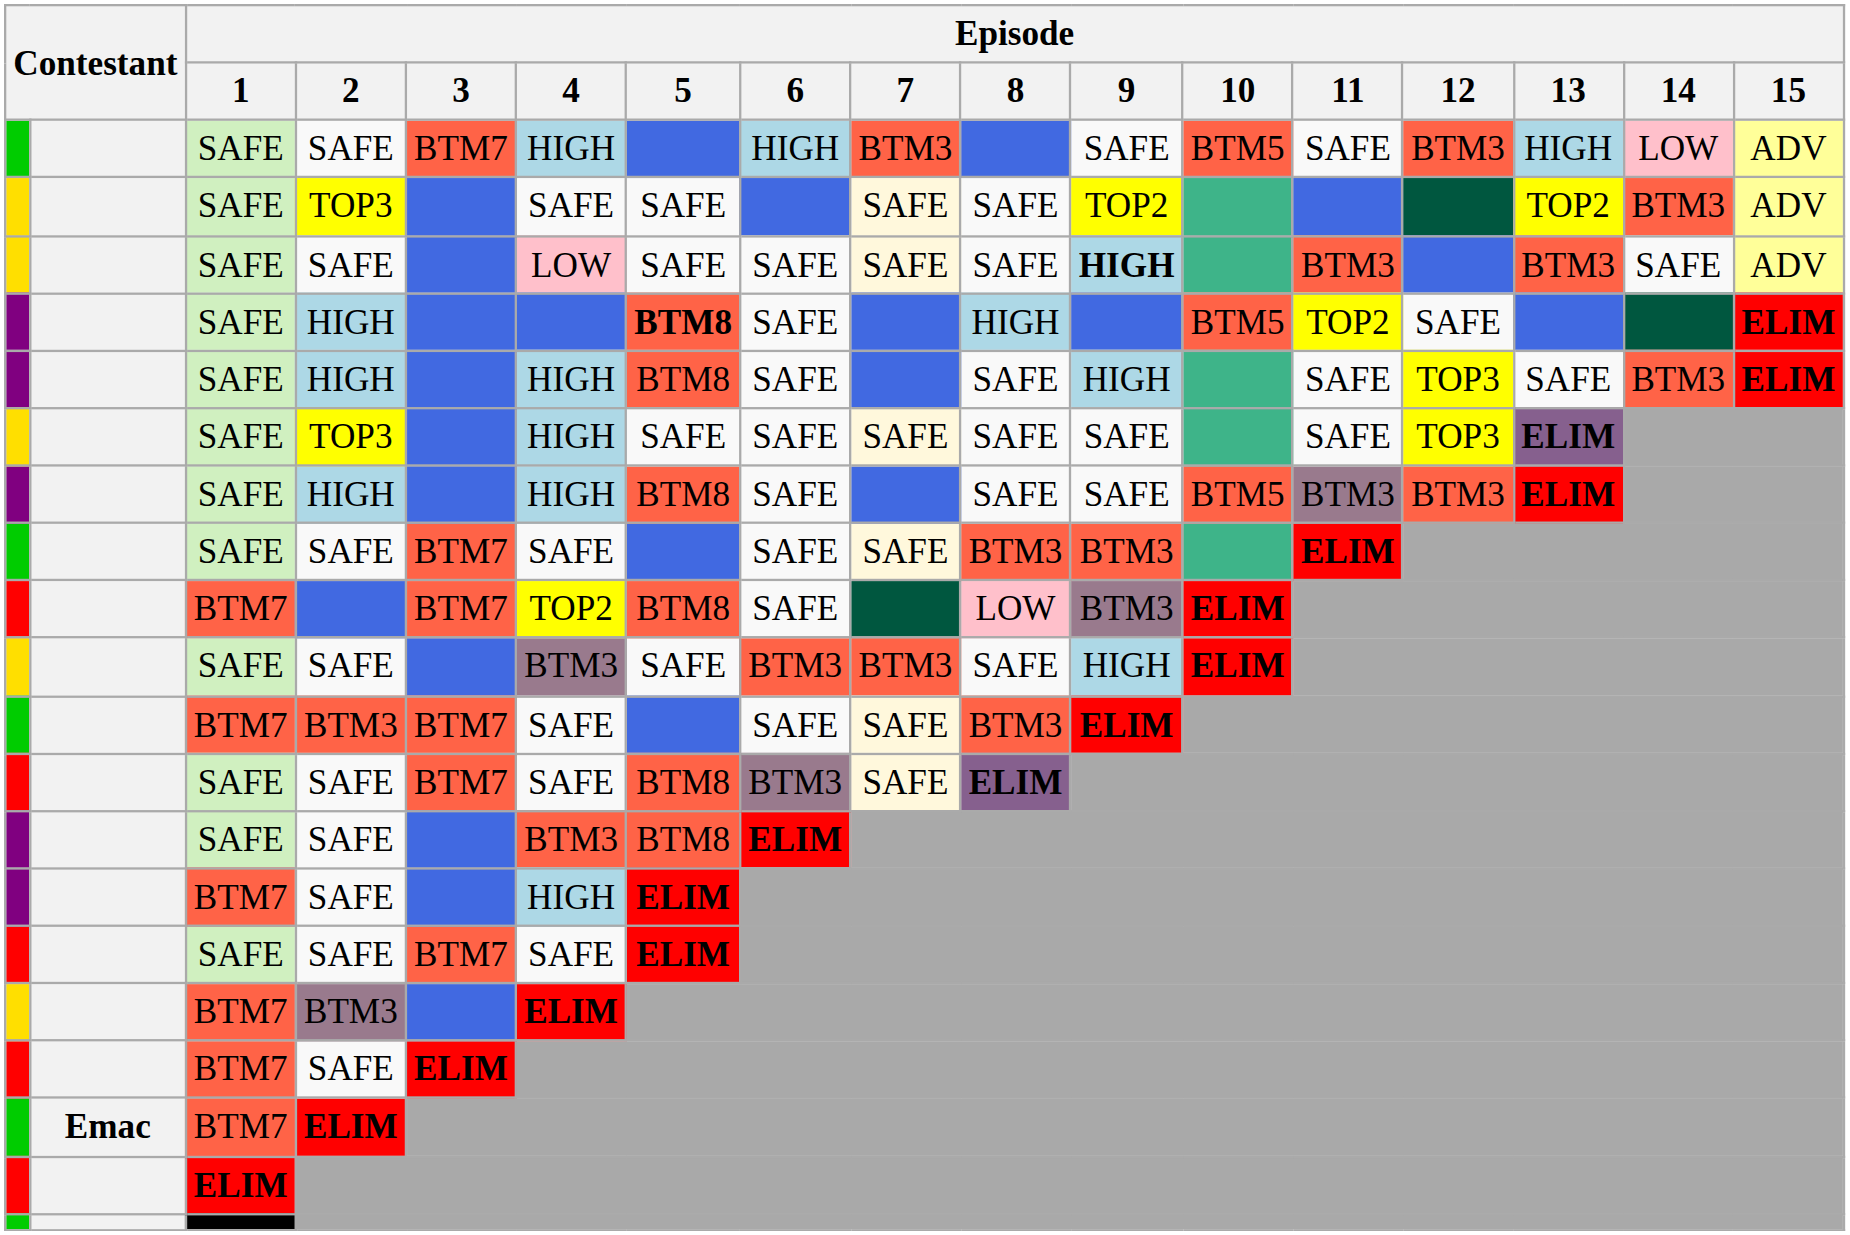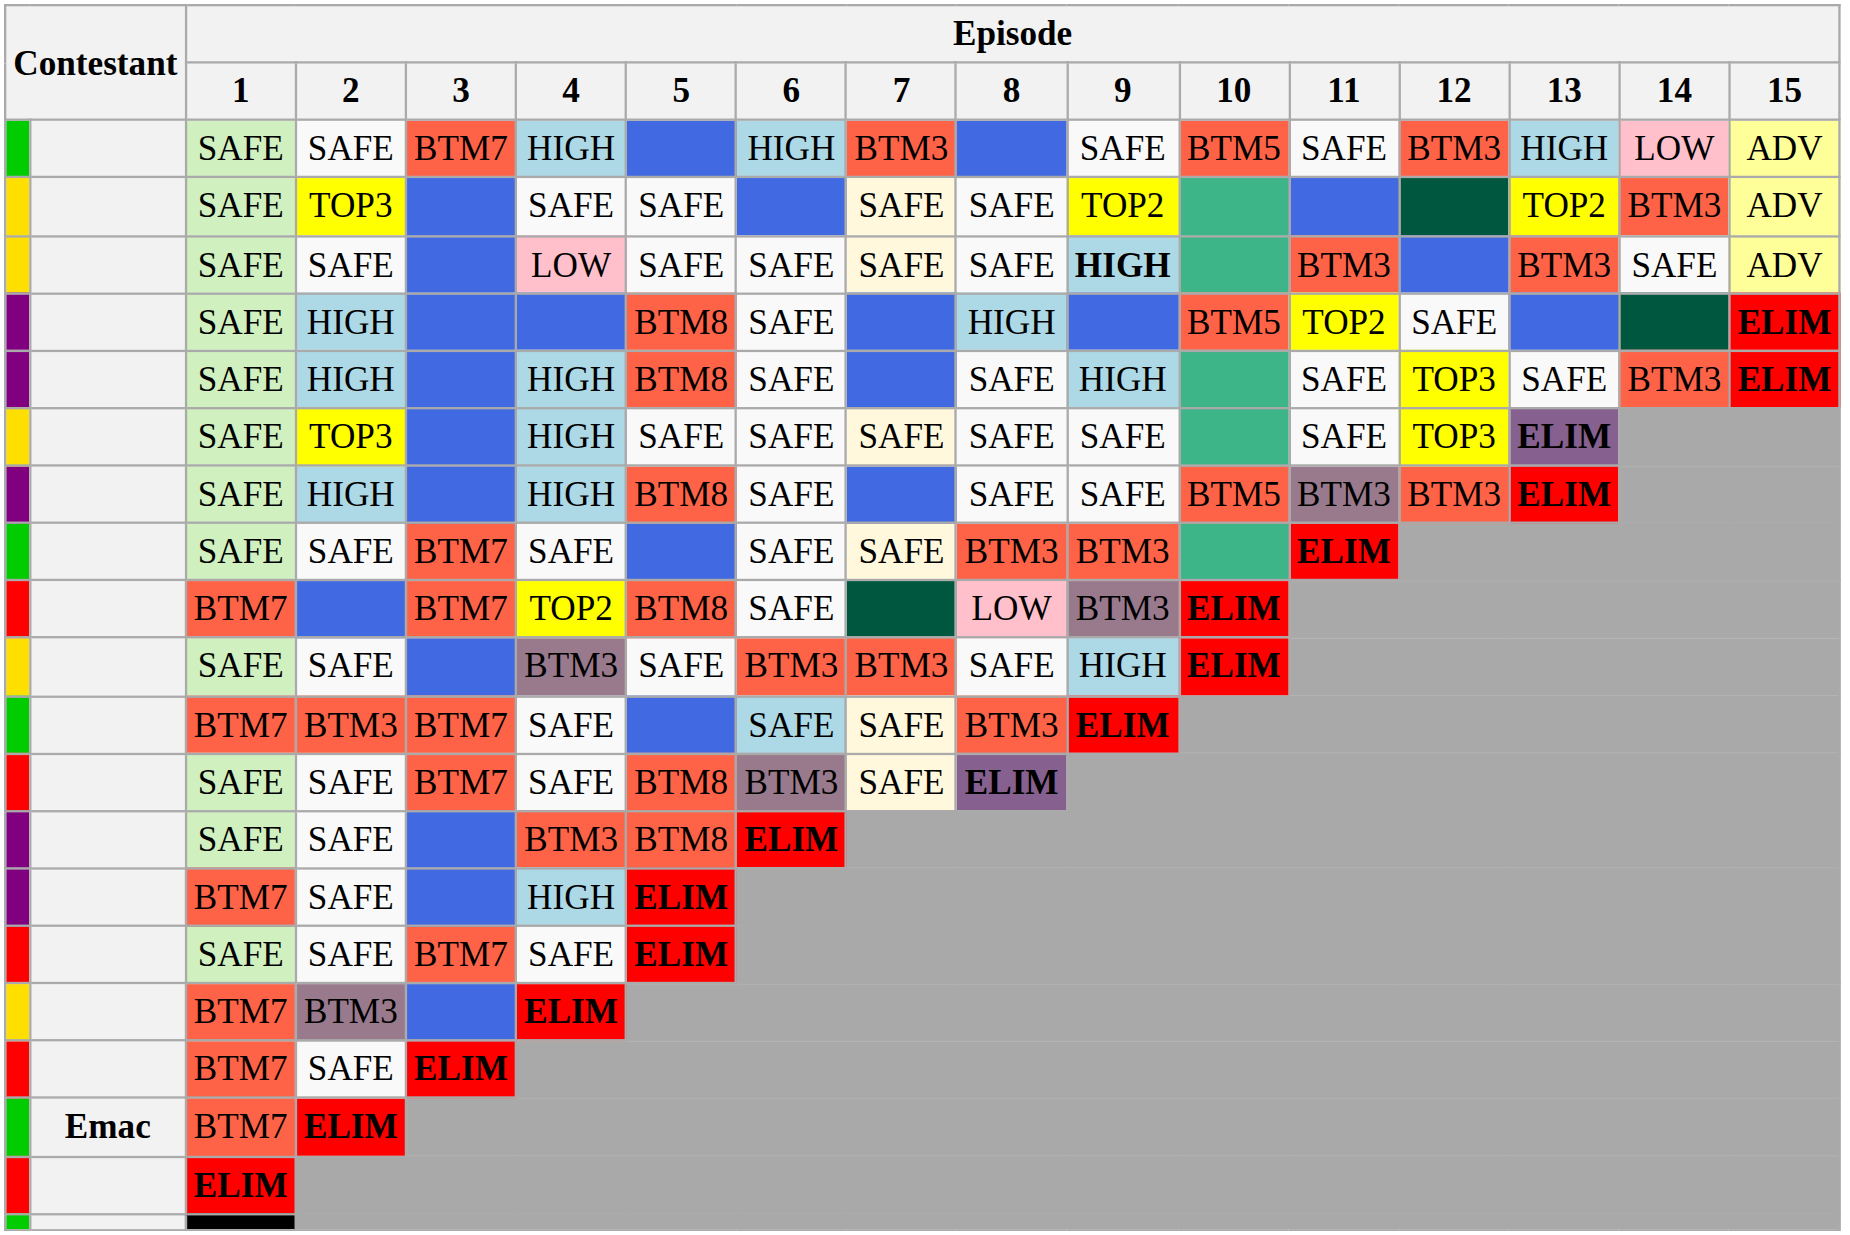 <table class="wikitable" style="text-align:center;font-size:96%">
 <tr>
 <th rowspan=2 colspan=2>Contestant</th>
 <th colspan=15>Episode</th>
 </tr>
 <tr>
 <th>1</th>
 <th>2</th>
 <th>3</th>
 <th>4</th>
 <th>5</th>
 <th>6</th>
 <th>7</th>
 <th>8</th>
 <th>9</th>
 <th>10</th>
 <th>11</th>
 <th>12</th>
 <th>13</th>
 <th>14</th>
 <th>15</th>
 </tr>
 <tr>
 <td style="background:#00CC00"></td>
 <th></th>
 <td style="background:#D0F0C0;">SAFE</td>
 <td>SAFE</td>
 <td style="background:tomato;">BTM7</td>
 <td style="background:lightblue;">HIGH</td>
 <td style="background:royalblue;"><strong></strong></td>
 <td style="background:lightblue;">HIGH</td>
 <td style="background:tomato;">BTM3</td>
 <td style="background:royalblue;"><strong></strong></td>
 <td>SAFE</td>
 <td style="background:tomato;">BTM5</td>
 <td>SAFE</td>
 <td style="background:tomato;">BTM3</td>
 <td style="background:lightblue;">HIGH</td>
 <td style="background:pink;">LOW</td>
 <td style="background:#FFFF99;">ADV</td>
 </tr>
 <tr>
 <td style="background:#FFDF00"></td>
 <th></th>
 <td style="background:#D0F0C0;">SAFE</td>
 <td style="background:yellow ;">TOP3</td>
 <td style="background:royalblue;"><strong></strong></td>
 <td>SAFE</td>
 <td>SAFE</td>
 <td style="background:royalblue;"><strong></strong></td>
 <td style="background:cornsilk;">SAFE</td>
 <td>SAFE</td>
 <td style="background:yellow ;">TOP2</td>
 <td style="background:#3EB489;"></td>
 <td style="background:royalblue;"><strong></strong></td>
 <td style="background:#00573F;"><strong></strong></td>
 <td style="background:yellow ;">TOP2</td>
 <td style="background:tomato;">BTM3</td>
 <td style="background:#FFFF99;">ADV</td>
 </tr>
 <tr>
 <td style="background:#FFDF00"></td>
 <th></th>
 <td style="background:#D0F0C0;">SAFE</td>
 <td>SAFE</td>
 <td style="background:royalblue;"><strong></strong></td>
 <td style="background:pink;">LOW</td>
 <td>SAFE</td>
 <td>SAFE</td>
 <td style="background:cornsilk;">SAFE</td>
 <td>SAFE</td>
 <td style="background:lightblue;"><strong>HIGH</strong></td>
 <td style="background:#3EB489;"></td>
 <td style="background:tomato;">BTM3</td>
 <td style="background:royalblue;"><strong></strong></td>
 <td style="background:tomato;">BTM3</td>
 <td>SAFE</td>
 <td style="background:#FFFF99;">ADV</td>
 </tr>
 <tr>
 <td style="background:#800080"></td>
 <th></th>
 <td style="background:#D0F0C0;">SAFE</td>
 <td style="background:lightblue;">HIGH</td>
 <td style="background:royalblue;"><strong></strong></td>
 <td style="background:royalblue;"><strong></strong></td>
-<td style="background:tomato;"><strong>BTM8</strong></td>
+<td style="background:tomato;">BTM8</td>
 <td>SAFE</td>
 <td style="background:royalblue;"><strong></strong></td>
 <td style="background:lightblue;">HIGH</td>
 <td style="background:royalblue;"><strong></strong></td>
 <td style="background:tomato;">BTM5</td>
 <td style="background:yellow ;">TOP2</td>
 <td>SAFE</td>
 <td style="background:royalblue;"><strong></strong></td>
 <td style="background:#00573F;"><strong></strong></td>
 <td style="background:red;"><strong>ELIM</strong></td>
 </tr>
 <tr>
 <td style="background:#800080"></td>
 <th></th>
 <td style="background:#D0F0C0;">SAFE</td>
 <td style="background:lightblue;">HIGH</td>
 <td style="background:royalblue;"><strong></strong></td>
 <td style="background:lightblue;">HIGH</td>
 <td style="background:tomato;">BTM8</td>
 <td>SAFE</td>
 <td style="background:royalblue;"><strong></strong></td>
 <td>SAFE</td>
 <td style="background:lightblue;">HIGH</td>
 <td style="background:#3EB489;"></td>
 <td>SAFE</td>
 <td style="background:yellow ;">TOP3</td>
 <td>SAFE</td>
 <td style="background:tomato;">BTM3</td>
 <td style="background:red;"><strong>ELIM</strong></td>
 </tr>
 <tr>
 <td style="background:#FFDF00"></td>
 <th></th>
 <td style="background:#D0F0C0;">SAFE</td>
 <td style="background:yellow ;">TOP3</td>
 <td style="background:royalblue;"><strong></strong></td>
 <td style="background:lightblue;">HIGH</td>
 <td>SAFE</td>
 <td>SAFE</td>
 <td style="background:cornsilk;">SAFE</td>
 <td>SAFE</td>
 <td>SAFE</td>
 <td style="background:#3EB489;"></td>
 <td>SAFE</td>
 <td style="background:yellow ;">TOP3</td>
 <td style="background:#86608E;"><strong>ELIM</strong></td>
 <td bgcolor="darkgray" colspan="3"></td>
 </tr>
 <tr>
 <td style="background:#800080"></td>
 <th></th>
 <td style="background:#D0F0C0;">SAFE</td>
 <td style="background:lightblue;">HIGH</td>
 <td style="background:royalblue;"><strong></strong></td>
 <td style="background:lightblue;">HIGH</td>
 <td style="background:tomato;">BTM8</td>
 <td>SAFE</td>
 <td style="background:royalblue;"><strong></strong></td>
 <td>SAFE</td>
 <td>SAFE</td>
 <td style="background:tomato;">BTM5</td>
 <td style="background:#997A8D;">BTM3</td>
 <td style="background:tomato;">BTM3</td>
 <td style="background:red;"><strong>ELIM</strong></td>
 <td bgcolor="darkgray" colspan="3"></td>
 </tr>
 <tr>
 <td style="background:#00CC00"></td>
 <th></th>
 <td style="background:#D0F0C0;">SAFE</td>
 <td>SAFE</td>
 <td style="background:tomato;">BTM7</td>
 <td>SAFE</td>
 <td style="background:royalblue;"><strong></strong></td>
 <td>SAFE</td>
 <td style="background:cornsilk;">SAFE</td>
 <td style="background:tomato;">BTM3</td>
 <td style="background:tomato;">BTM3</td>
 <td style="background:#3EB489;"></td>
 <td style="background:red;"><strong>ELIM</strong></td>
 <td bgcolor="darkgray" colspan="4"></td>
 </tr>
 <tr>
 <td style="background:#FF0000"></td>
 <th></th>
 <td style="background:tomato;">BTM7</td>
 <td style="background:royalblue;"><strong></strong></td>
 <td style="background:tomato;">BTM7</td>
 <td style="background:yellow ;">TOP2</td>
 <td style="background:tomato;">BTM8</td>
 <td>SAFE</td>
 <td style="background:#00573F;"><strong></strong></td>
 <td style="background:pink;">LOW</td>
 <td style="background:#997A8D;">BTM3</td>
 <td style="background:red;"><strong>ELIM</strong></td>
 <td bgcolor="darkgray" colspan="5"></td>
 </tr>
 <tr>
 <td style="background:#FFDF00"></td>
 <th></th>
 <td style="background:#D0F0C0;">SAFE</td>
 <td>SAFE</td>
 <td style="background:royalblue;"><strong></strong></td>
 <td style="background:#997A8D;">BTM3</td>
 <td>SAFE</td>
 <td style="background:tomato;">BTM3</td>
 <td style="background:tomato;">BTM3</td>
 <td>SAFE</td>
 <td style="background:lightblue;">HIGH</td>
 <td style="background:red;"><strong>ELIM</strong></td>
 <td bgcolor="darkgray" colspan="5"></td>
 </tr>
 <tr>
 <td style="background:#00CC00"></td>
 <th></th>
 <td style="background:tomato;">BTM7</td>
 <td style="background:tomato;">BTM3</td>
 <td style="background:tomato;">BTM7</td>
 <td>SAFE</td>
 <td style="background:royalblue;"><strong></strong></td>
-<td>SAFE</td>
+<td style="background: lightblue;">SAFE</td>
 <td style="background:cornsilk;">SAFE</td>
 <td style="background:tomato;">BTM3</td>
 <td style="background:red;"><strong>ELIM</strong></td>
 <td bgcolor="darkgray" colspan="6"></td>
 </tr>
 <tr>
 <td style="background:#FF0000"></td>
 <th></th>
 <td style="background:#D0F0C0;">SAFE</td>
 <td>SAFE</td>
 <td style="background:tomato;">BTM7</td>
 <td>SAFE</td>
 <td style="background:tomato;">BTM8</td>
 <td style="background:#997A8D;">BTM3</td>
 <td style="background:cornsilk;">SAFE</td>
 <td style="background:#86608E;"><strong>ELIM</strong></td>
 <td bgcolor="darkgray" colspan="7"></td>
 </tr>
 <tr>
 <td style="background:#800080"></td>
 <th></th>
 <td style="background:#D0F0C0;">SAFE</td>
 <td>SAFE</td>
 <td style="background:royalblue;"><strong></strong></td>
 <td style="background:tomato;">BTM3</td>
 <td style="background:tomato;">BTM8</td>
 <td style="background:red;"><strong>ELIM</strong></td>
 <td bgcolor="darkgray" colspan="9"></td>
 </tr>
 <tr>
 <td style="background:#800080"></td>
 <th></th>
 <td style="background:tomato;">BTM7</td>
 <td>SAFE</td>
 <td style="background:royalblue;"><strong></strong></td>
 <td style="background:lightblue;">HIGH</td>
 <td style="background:red;"><strong>ELIM</strong></td>
 <td bgcolor="darkgray" colspan="10"></td>
 </tr>
 <tr>
 <td style="background:#FF0000"></td>
 <th></th>
 <td style="background:#D0F0C0;">SAFE</td>
 <td>SAFE</td>
 <td style="background:tomato;">BTM7</td>
 <td>SAFE</td>
 <td style="background:red;"><strong>ELIM</strong></td>
 <td bgcolor="darkgray" colspan="10"></td>
 </tr>
 <tr>
 <td style="background:#FFDF00"></td>
 <th></th>
 <td style="background:tomato;">BTM7</td>
 <td style="background:#997A8D;">BTM3</td>
 <td style="background:royalblue;"><strong></strong></td>
 <td style="background:red;"><strong>ELIM</strong></td>
 <td bgcolor="darkgray" colspan="11"></td>
 </tr>
 <tr>
 <td style="background:#FF0000"></td>
 <th></th>
 <td style="background:tomato;">BTM7</td>
 <td>SAFE</td>
 <td style="background:red;"><strong>ELIM</strong></td>
 <td bgcolor="darkgray" colspan="12"></td>
 </tr>
 <tr>
 <td style="background:#00CC00"></td>
 <th>Emac</th>
 <td style="background:tomato;">BTM7</td>
 <td style="background:red;"><strong>ELIM</strong></td>
 <td bgcolor="darkgray" colspan="13"></td>
 </tr>
 <tr>
 <td style="background:#FF0000"></td>
 <th></th>
 <td style="background:red;"><strong>ELIM</strong></td>
 <td bgcolor="darkgray" colspan="14"></td>
 </tr>
 <tr>
 <td style="background:#00CC00"></td>
 <th></th>
 <td style="background:black;"><strong></strong></td>
 <td bgcolor="darkgray" colspan="14"></td>
 </tr>
 </table>
